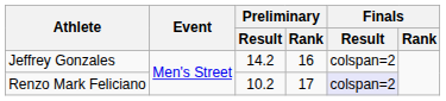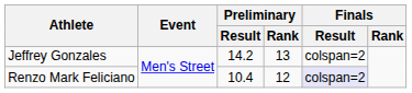 <table class=wikitable  style="font-size:90%">
 <tr>
 <th rowspan=2>Athlete</th>
 <th rowspan=2>Event</th>
 <th colspan=2>Preliminary</th>
 <th colspan=2>Finals</th>
 </tr>
 <tr>
 <th>Result</th>
 <th>Rank</th>
 <th>Result</th>
 <th>Rank</th>
 </tr>
 <tr>
 <td>Jeffrey Gonzales</td>
 <td rowspan=2><a href='#'>Men's Street</a></td>
 <td align=center>14.2</td>
-<td align=center>16</td>
+<td align=center>13</td>
 <td>colspan=2</td>
 </tr>
 <tr>
 <td>Renzo Mark Feliciano</td>
-<td align=center>10.2</td>
-<td align=center>17</td>
+<td align=center>10.4</td>
+<td align=center>12</td>
 <td style="background: lavender;">colspan=2</td>
 </tr>
 </table>
